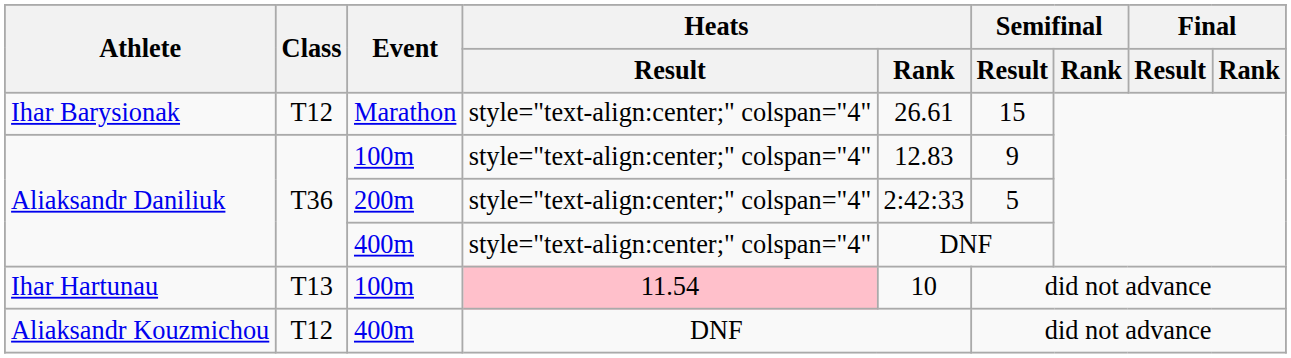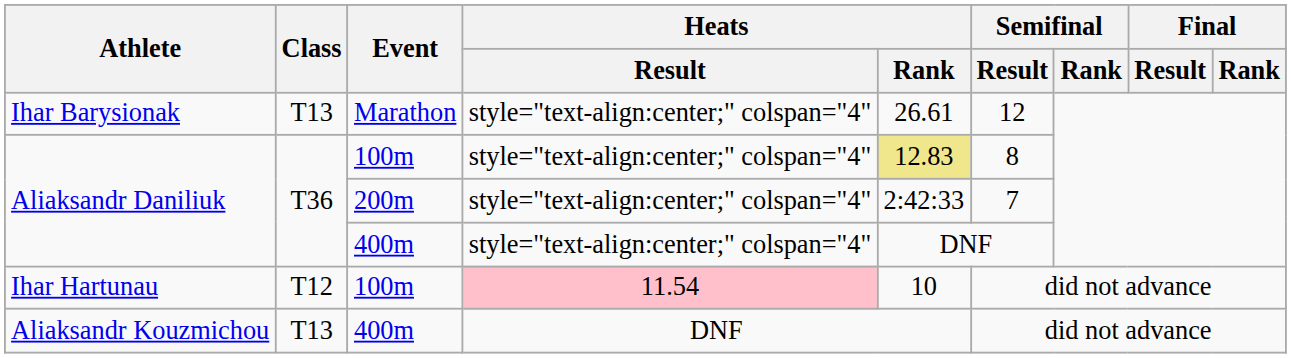 <table class=wikitable style="font-size:90%">
 <tr>
 <th rowspan="2">Athlete</th>
 <th rowspan="2">Class</th>
 <th rowspan="2">Event</th>
 <th colspan="2">Heats</th>
 <th colspan="2">Semifinal</th>
 <th colspan="2">Final</th>
 </tr>
 <tr>
 <th>Result</th>
 <th>Rank</th>
 <th>Result</th>
 <th>Rank</th>
 <th>Result</th>
 <th>Rank</th>
 </tr>
 <tr>
 <td><a href='#'>Ihar Barysionak</a></td>
-<td style="text-align:center;">T12</td>
+<td style="text-align:center;">T13</td>
 <td><a href='#'>Marathon</a></td>
 <td>style="text-align:center;" colspan="4" </td>
 <td style="text-align:center;">26.61</td>
-<td style="text-align:center;">15</td>
+<td style="text-align:center;">12</td>
 </tr>
 <tr>
 <td rowspan="3"><a href='#'>Aliaksandr Daniliuk</a></td>
 <td rowspan="3" style="text-align:center;">T36</td>
 <td><a href='#'>100m</a></td>
 <td>style="text-align:center;" colspan="4" </td>
-<td style="text-align:center;">12.83</td>
-<td style="text-align:center;">9</td>
+<td style="background: khaki; text-align:center;">12.83</td>
+<td style="text-align:center;">8</td>
 </tr>
 <tr>
 <td><a href='#'>200m</a></td>
 <td>style="text-align:center;" colspan="4" </td>
 <td style="text-align:center;">2:42:33</td>
-<td style="text-align:center;">5</td>
+<td style="text-align:center;">7</td>
 </tr>
 <tr>
 <td><a href='#'>400m</a></td>
 <td>style="text-align:center;" colspan="4" </td>
 <td style="text-align:center;" colspan="2">DNF</td>
 </tr>
 <tr>
 <td><a href='#'>Ihar Hartunau</a></td>
-<td style="text-align:center;">T13</td>
+<td style="text-align:center;">T12</td>
 <td><a href='#'>100m</a></td>
 <td style="background: pink; text-align:center;">11.54</td>
 <td style="text-align:center;">10</td>
 <td style="text-align:center;" colspan="4">did not advance</td>
 </tr>
 <tr>
 <td><a href='#'>Aliaksandr Kouzmichou</a></td>
-<td style="text-align:center;">T12</td>
+<td style="text-align:center;">T13</td>
 <td><a href='#'>400m</a></td>
 <td style="text-align:center;" colspan="2">DNF</td>
 <td style="text-align:center;" colspan="4">did not advance</td>
 </tr>
 </table>
